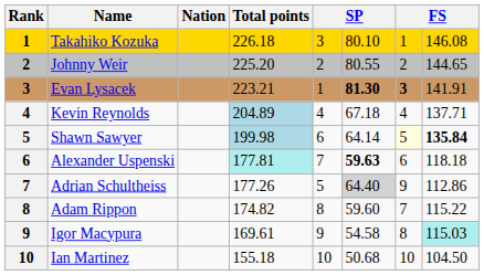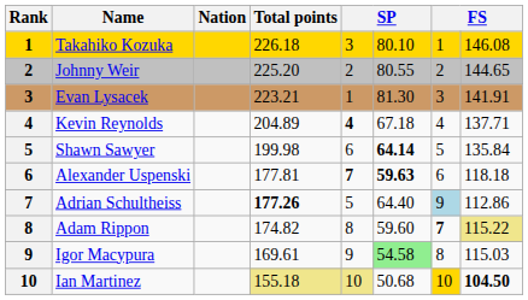 <table class="wikitable">
 <tr>
 <th>Rank</th>
 <th>Name</th>
 <th>Nation</th>
 <th>Total points</th>
 <th colspan="2" width="80px"><a href='#'>SP</a></th>
 <th colspan="2" width="80px"><a href='#'>FS</a></th>
 </tr>
 <tr bgcolor="gold">
 <td align="center"><strong>1</strong></td>
 <td><a href='#'>Takahiko Kozuka</a></td>
 <td></td>
 <td>226.18</td>
 <td>3</td>
 <td>80.10</td>
 <td>1</td>
 <td>146.08</td>
 </tr>
 <tr bgcolor="silver">
 <td align="center"><strong>2</strong></td>
 <td><a href='#'>Johnny Weir</a></td>
 <td></td>
 <td>225.20</td>
 <td>2</td>
 <td>80.55</td>
 <td>2</td>
 <td>144.65</td>
 </tr>
 <tr bgcolor="cc9966">
 <td align="center"><strong>3</strong></td>
 <td><a href='#'>Evan Lysacek</a></td>
 <td></td>
 <td>223.21</td>
 <td>1</td>
-<td><strong>81.30</strong></td>
-<td><strong>3</strong></td>
+<td>81.30</td>
+<td>3</td>
 <td>141.91</td>
 </tr>
 <tr>
 <th>4</th>
 <td><a href='#'>Kevin Reynolds</a></td>
 <td></td>
-<td style="background: lightblue;">204.89</td>
-<td>4</td>
+<td>204.89</td>
+<td><strong>4</strong></td>
 <td>67.18</td>
 <td>4</td>
 <td>137.71</td>
 </tr>
 <tr>
 <th>5</th>
 <td><a href='#'>Shawn Sawyer</a></td>
 <td></td>
-<td style="background: lightblue;">199.98</td>
+<td>199.98</td>
 <td>6</td>
-<td>64.14</td>
-<td style="background: lightyellow;">5</td>
-<td><strong>135.84</strong></td>
+<td><strong>64.14</strong></td>
+<td>5</td>
+<td>135.84</td>
 </tr>
 <tr>
 <th>6</th>
 <td><a href='#'>Alexander Uspenski</a></td>
 <td></td>
-<td style="background: paleturquoise;">177.81</td>
-<td>7</td>
+<td>177.81</td>
+<td><strong>7</strong></td>
 <td><strong>59.63</strong></td>
 <td>6</td>
 <td>118.18</td>
 </tr>
 <tr>
 <th>7</th>
 <td><a href='#'>Adrian Schultheiss</a></td>
 <td></td>
-<td>177.26</td>
+<td><strong>177.26</strong></td>
 <td>5</td>
-<td style="background: lightgrey;">64.40</td>
-<td>9</td>
+<td>64.40</td>
+<td style="background: lightblue;">9</td>
 <td>112.86</td>
 </tr>
 <tr>
 <th>8</th>
 <td><a href='#'>Adam Rippon</a></td>
 <td></td>
 <td>174.82</td>
 <td>8</td>
 <td>59.60</td>
-<td>7</td>
-<td>115.22</td>
+<td><strong>7</strong></td>
+<td style="background: khaki;">115.22</td>
 </tr>
 <tr>
 <th>9</th>
 <td><a href='#'>Igor Macypura</a></td>
 <td></td>
 <td>169.61</td>
 <td>9</td>
-<td>54.58</td>
+<td style="background: lightgreen;">54.58</td>
 <td>8</td>
-<td style="background: paleturquoise;">115.03</td>
+<td>115.03</td>
 </tr>
 <tr>
 <th>10</th>
 <td><a href='#'>Ian Martinez</a></td>
 <td></td>
-<td>155.18</td>
-<td>10</td>
+<td style="background: khaki;">155.18</td>
+<td style="background: khaki;">10</td>
 <td>50.68</td>
-<td>10</td>
-<td>104.50</td>
+<td style="background: gold;">10</td>
+<td><strong>104.50</strong></td>
 </tr>
 </table>
